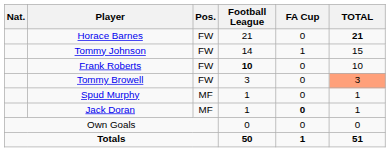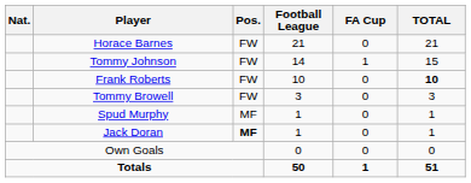 <table class="wikitable sortable alternance"  style="font-size:85%; text-align:center; line-height:14px; width:60%;">
 <tr>
 <th width=10>Nat.</th>
 <th scope="col" style="width:275px;">Player</th>
 <th width=10>Pos.</th>
 <th width=80>Football League</th>
 <th width=80>FA Cup</th>
 <th width=80>TOTAL</th>
 </tr>
 <tr>
 <td></td>
 <td><a href='#'>Horace Barnes</a></td>
 <td>FW</td>
 <td>21</td>
 <td>0</td>
-<td><strong>21</strong></td>
+<td>21</td>
 </tr>
 <tr>
 <td></td>
 <td><a href='#'>Tommy Johnson</a></td>
 <td>FW</td>
 <td>14</td>
 <td>1</td>
 <td>15</td>
 </tr>
 <tr>
 <td></td>
 <td><a href='#'>Frank Roberts</a></td>
 <td>FW</td>
+<td>10</td>
+<td>0</td>
 <td><strong>10</strong></td>
-<td>0</td>
-<td>10</td>
 </tr>
 <tr>
 <td></td>
 <td><a href='#'>Tommy Browell</a></td>
 <td>FW</td>
 <td>3</td>
 <td>0</td>
-<td style="background: lightsalmon;">3</td>
+<td>3</td>
 </tr>
 <tr>
 <td></td>
 <td><a href='#'>Spud Murphy</a></td>
 <td>MF</td>
 <td>1</td>
 <td>0</td>
 <td>1</td>
 </tr>
 <tr>
 <td></td>
 <td><a href='#'>Jack Doran</a></td>
-<td>MF</td>
+<td><strong>MF</strong></td>
 <td>1</td>
-<td><strong>0</strong></td>
+<td>0</td>
 <td>1</td>
 </tr>
 <tr class="sortbottom">
 <td colspan="3">Own Goals</td>
 <td>0</td>
 <td>0</td>
 <td>0</td>
 </tr>
 <tr class="sortbottom">
 <td colspan="3"><strong>Totals</strong></td>
 <td><strong>50</strong></td>
 <td><strong>1</strong></td>
 <td><strong>51</strong></td>
 </tr>
 </table>
